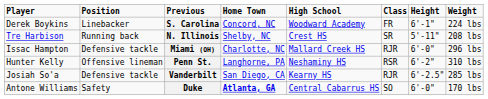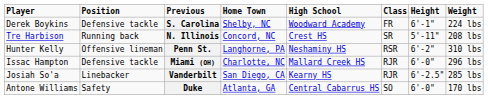 <table class="wikitable">
 <tr>
 <td><strong>Player</strong></td>
 <td><strong>Position</strong></td>
 <td><strong>Previous</strong></td>
 <td><strong>Home Town</strong></td>
 <td><strong>High School</strong></td>
 <td><strong>Class</strong></td>
 <td><strong>Height</strong></td>
 <td><strong>Weight</strong></td>
 </tr>
 <tr>
 <td>Derek Boykins</td>
-<td>Linebacker</td>
+<td>Defensive tackle</td>
 <th>S. Carolina</th>
-<td><a href='#'>Concord, NC</a></td>
+<td><a href='#'>Shelby, NC</a></td>
 <td><a href='#'>Woodward Academy</a></td>
 <td>FR</td>
 <td>6'-1"</td>
 <td>224 lbs</td>
 </tr>
 <tr>
 <td><a href='#'>Tre Harbison</a></td>
 <td>Running back</td>
 <th>N. Illinois</th>
-<td><a href='#'>Shelby, NC</a></td>
+<td><a href='#'>Concord, NC</a></td>
 <td><a href='#'>Crest HS</a></td>
 <td>SR</td>
 <td>5'-11"</td>
 <td>208 lbs</td>
+</tr>
+<tr>
+<td>Hunter Kelly</td>
+<td>Offensive lineman</td>
+<th>Penn St.</th>
+<td><a href='#'>Langhorne, PA</a></td>
+<td><a href='#'>Neshaminy HS</a></td>
+<td>RSR</td>
+<td>6'-2"</td>
+<td>310 lbs</td>
 </tr>
 <tr>
 <td>Issac Hampton</td>
 <td>Defensive tackle</td>
 <th>Miami <small>(OH)</small></th>
 <td><a href='#'>Charlotte, NC</a></td>
 <td><a href='#'>Mallard Creek HS</a></td>
 <td>RJR</td>
 <td>6'-0"</td>
 <td>296 lbs</td>
 </tr>
 <tr>
-<td>Hunter Kelly</td>
-<td>Offensive lineman</td>
-<th>Penn St.</th>
-<td><a href='#'>Langhorne, PA</a></td>
-<td><a href='#'>Neshaminy HS</a></td>
-<td>RSR</td>
-<td>6'-2"</td>
-<td>310 lbs</td>
-</tr>
-<tr>
 <td>Josiah So'a</td>
-<td>Defensive tackle</td>
+<td>Linebacker</td>
 <th>Vanderbilt</th>
 <td><a href='#'>San Diego, CA</a></td>
 <td><a href='#'>Kearny HS</a></td>
 <td>RJR</td>
 <td>6'-2.5"</td>
 <td>285 lbs</td>
 </tr>
 <tr>
 <td>Antone Williams</td>
 <td>Safety</td>
 <th>Duke</th>
-<td><strong><a href='#'>Atlanta, GA</a></strong></td>
+<td><a href='#'>Atlanta, GA</a></td>
 <td><a href='#'>Central Cabarrus HS</a></td>
 <td>SO</td>
 <td>6'-0"</td>
 <td>170 lbs</td>
 </tr>
 </table>
